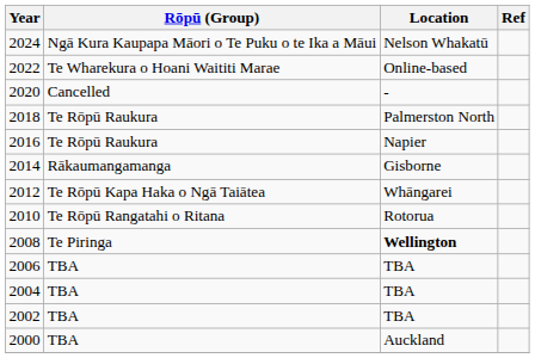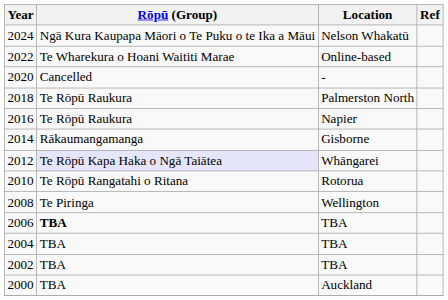 <table class="wikitable sortable">
 <tr>
 <th>Year</th>
 <th><a href='#'>Rōpū</a> (Group)</th>
 <th>Location</th>
 <th>Ref</th>
 </tr>
 <tr>
 <td>2024</td>
 <td>Ngā Kura Kaupapa Māori o Te Puku o te Ika a Māui</td>
 <td>Nelson Whakatū</td>
 <td></td>
 </tr>
 <tr>
 <td>2022</td>
 <td>Te Wharekura o Hoani Waititi Marae</td>
 <td>Online-based</td>
 <td></td>
 </tr>
 <tr>
 <td>2020</td>
 <td>Cancelled</td>
 <td>-</td>
 <td></td>
 </tr>
 <tr>
 <td>2018</td>
 <td>Te Rōpū Raukura</td>
 <td>Palmerston North</td>
 <td></td>
 </tr>
 <tr>
 <td>2016</td>
 <td>Te Rōpū Raukura</td>
 <td>Napier</td>
 <td></td>
 </tr>
 <tr>
 <td>2014</td>
 <td>Rākaumangamanga</td>
 <td>Gisborne</td>
 <td></td>
 </tr>
 <tr>
 <td>2012</td>
-<td>Te Rōpū Kapa Haka o Ngā Taiātea</td>
+<td style="background: lavender;">Te Rōpū Kapa Haka o Ngā Taiātea</td>
 <td>Whāngarei</td>
 <td></td>
 </tr>
 <tr>
 <td>2010</td>
 <td>Te Rōpū Rangatahi o Ritana</td>
 <td>Rotorua</td>
 <td></td>
 </tr>
 <tr>
 <td>2008</td>
 <td>Te Piringa</td>
-<td><strong>Wellington</strong></td>
+<td>Wellington</td>
 <td></td>
 </tr>
 <tr>
 <td>2006</td>
-<td>TBA</td>
+<td><strong>TBA</strong></td>
 <td>TBA</td>
 <td></td>
 </tr>
 <tr>
 <td>2004</td>
 <td>TBA</td>
 <td>TBA</td>
 <td></td>
 </tr>
 <tr>
 <td>2002</td>
 <td>TBA</td>
 <td>TBA</td>
 <td></td>
 </tr>
 <tr>
 <td>2000</td>
 <td>TBA</td>
 <td>Auckland</td>
 <td></td>
 </tr>
 <tr>
 </tr>
 </table>
